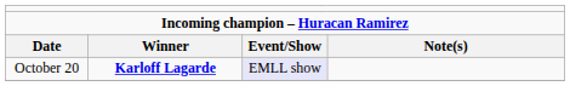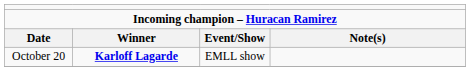 <table class="wikitable" style="text-align:center; width:100%;">
 <tr>
 <td colspan=5></td>
 </tr>
 <tr>
 <td colspan=5><strong>Incoming champion – <a href='#'>Huracan Ramirez</a></strong></td>
 </tr>
 <tr>
 <th width=14%>Date</th>
 <th width=26%>Winner</th>
 <th width=14%>Event/Show</th>
 <th width=40%>Note(s)</th>
 </tr>
 <tr>
 <td>October 20</td>
 <td><strong><a href='#'>Karloff Lagarde</a></strong></td>
-<td style="background: lavender;">EMLL show</td>
+<td>EMLL show</td>
 <td></td>
 </tr>
 <tr>
 </tr>
 </table>
